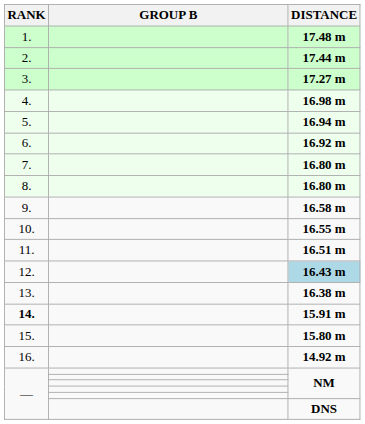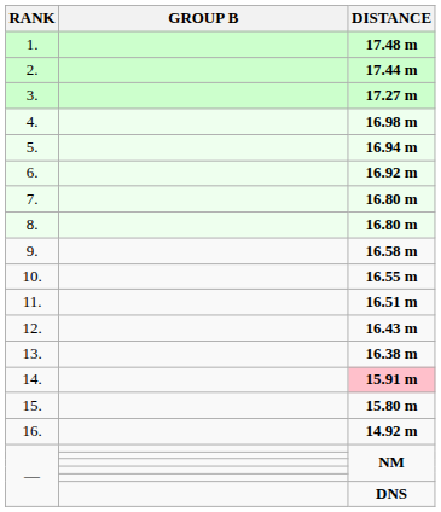 <table class="wikitable" style="border-collapse: collapse; font-size: 90%;">
 <tr>
 <th>RANK</th>
 <th align="center" style="width: 18em">GROUP B</th>
 <th>DISTANCE</th>
 </tr>
 <tr bgcolor=#CCFFCC>
 <td align="center">1.</td>
 <td></td>
 <td align="center"><strong>17.48 m </strong></td>
 </tr>
 <tr bgcolor=#CCFFCC>
 <td align="center">2.</td>
 <td></td>
 <td align="center"><strong>17.44 m </strong></td>
 </tr>
 <tr bgcolor=#CCFFCC>
 <td align="center">3.</td>
 <td></td>
 <td align="center"><strong>17.27 m </strong></td>
 </tr>
 <tr bgcolor=#EEFFEE>
 <td align="center">4.</td>
 <td></td>
 <td align="center"><strong>16.98 m </strong></td>
 </tr>
 <tr bgcolor=#EEFFEE>
 <td align="center">5.</td>
 <td></td>
 <td align="center"><strong>16.94 m </strong></td>
 </tr>
 <tr bgcolor=#EEFFEE>
 <td align="center">6.</td>
 <td></td>
 <td align="center"><strong>16.92 m </strong></td>
 </tr>
 <tr bgcolor=#EEFFEE>
 <td align="center">7.</td>
 <td></td>
 <td align="center"><strong>16.80 m </strong></td>
 </tr>
 <tr bgcolor=#EEFFEE>
 <td align="center">8.</td>
 <td></td>
 <td align="center"><strong>16.80 m </strong></td>
 </tr>
 <tr>
 <td align="center">9.</td>
 <td></td>
 <td align="center"><strong>16.58 m </strong></td>
 </tr>
 <tr>
 <td align="center">10.</td>
 <td></td>
 <td align="center"><strong>16.55 m </strong></td>
 </tr>
 <tr>
 <td align="center">11.</td>
 <td></td>
 <td align="center"><strong>16.51 m </strong></td>
 </tr>
 <tr>
 <td align="center">12.</td>
 <td></td>
-<td align="center" style="background: lightblue;"><strong>16.43 m </strong></td>
+<td align="center"><strong>16.43 m </strong></td>
 </tr>
 <tr>
 <td align="center">13.</td>
 <td></td>
 <td align="center"><strong>16.38 m </strong></td>
 </tr>
 <tr>
-<td align="center"><strong>14.</strong></td>
+<td align="center">14.</td>
 <td></td>
-<td align="center"><strong>15.91 m </strong></td>
+<td align="center" style="background: pink;"><strong>15.91 m </strong></td>
 </tr>
 <tr>
 <td align="center">15.</td>
 <td></td>
 <td align="center"><strong>15.80 m </strong></td>
 </tr>
 <tr>
 <td align="center">16.</td>
 <td></td>
 <td align="center"><strong>14.92 m </strong></td>
 </tr>
 <tr>
 <td rowspan=6 align="center">—</td>
 <td></td>
 <td rowspan=5 align="center"><strong>NM</strong></td>
 </tr>
 <tr>
 <td></td>
 </tr>
 <tr>
 <td></td>
 </tr>
 <tr>
 <td></td>
 </tr>
 <tr>
 <td></td>
 </tr>
 <tr>
 <td></td>
 <td align="center"><strong>DNS</strong></td>
 </tr>
 </table>
